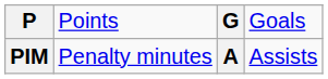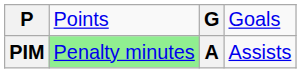 <table class="wikitable">
 <tr>
 <th>P</th>
 <td><a href='#'>Points</a></td>
 <th>G</th>
 <td><a href='#'>Goals</a></td>
 </tr>
 <tr>
 <th>PIM</th>
-<td><a href='#'>Penalty minutes</a></td>
+<td style="background: lightgreen;"><a href='#'>Penalty minutes</a></td>
 <th>A</th>
 <td><a href='#'>Assists</a></td>
 </tr>
 </table>
